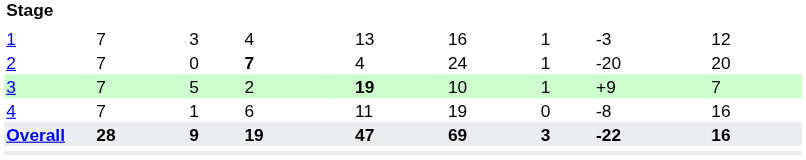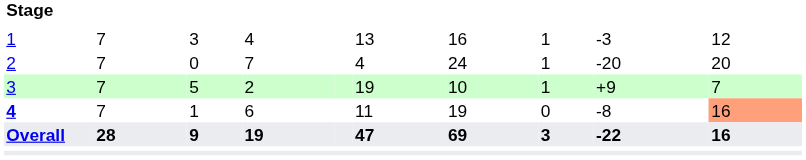 <table class="toccolours" border=0 cellpadding="2" cellspacing="0" style="font-size:95%; text-align:left; width:700px;">
 <tr align="left" style="background:#">
 <th style="width:75px">Stage</th>
 <th></th>
 <th></th>
 <th></th>
 <th></th>
 <th></th>
 <th></th>
 <th></th>
 <th></th>
 <th></th>
 </tr>
 <tr>
 <td colspan = "10"></td>
 </tr>
 <tr>
 </tr>
 <tr style="">
 <td><a href='#'>1</a></td>
 <td>7</td>
 <td>3</td>
 <td>4</td>
 <td></td>
 <td>13</td>
 <td>16</td>
 <td>1</td>
 <td>-3</td>
 <td>12</td>
 </tr>
 <tr>
 <td><a href='#'>2</a></td>
 <td>7</td>
 <td>0</td>
-<td><strong>7</strong></td>
+<td>7</td>
 <td></td>
 <td>4</td>
 <td>24</td>
 <td>1</td>
 <td>-20</td>
 <td>20</td>
 </tr>
 <tr style="background:#cfc">
 <td><a href='#'>3</a></td>
 <td>7</td>
 <td>5</td>
 <td>2</td>
 <td></td>
-<td><strong>19</strong></td>
+<td>19</td>
 <td>10</td>
 <td>1</td>
 <td>+9</td>
 <td>7</td>
 </tr>
 <tr>
-<td><a href='#'>4</a></td>
+<td><strong><a href='#'>4</a></strong></td>
 <td>7</td>
 <td>1</td>
 <td>6</td>
 <td></td>
 <td>11</td>
 <td>19</td>
 <td>0</td>
 <td>-8</td>
-<td>16</td>
+<td style="background: lightsalmon;">16</td>
 </tr>
 <tr style="background-color:#EAECF0;">
 <th><a href='#'>Overall</a></th>
 <th>28</th>
 <th>9</th>
 <th>19</th>
 <th></th>
 <th>47</th>
 <th>69</th>
 <th>3</th>
 <th>-22</th>
 <th>16</th>
 </tr>
 <tr>
 <td colspan="10"></td>
 </tr>
 <tr align="left" style="background:#EAECF0; color:#000;">
 <td colspan="10" style="text-align:center;"> </td>
 </tr>
 </table>
